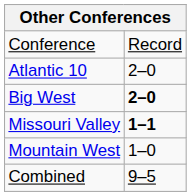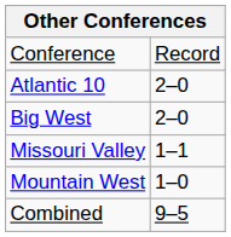 <table class="wikitable">
 <tr>
 <th colspan="2">Other Conferences</th>
 </tr>
 <tr>
 <td><u>Conference</u></td>
 <td><u>Record</u></td>
 </tr>
 <tr>
 <td><a href='#'>Atlantic 10</a></td>
 <td>2–0</td>
 </tr>
 <tr>
 <td><a href='#'>Big West</a></td>
-<td><strong>2–0</strong></td>
+<td>2–0</td>
 </tr>
 <tr>
 <td><a href='#'>Missouri Valley</a></td>
-<td><strong>1–1</strong></td>
+<td>1–1</td>
 </tr>
 <tr>
 <td><a href='#'>Mountain West</a></td>
 <td>1–0</td>
 </tr>
 <tr>
 <td><u>Combined</u></td>
 <td><u>9–5</u></td>
 </tr>
 </table>
